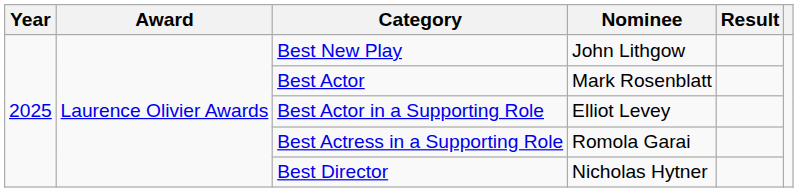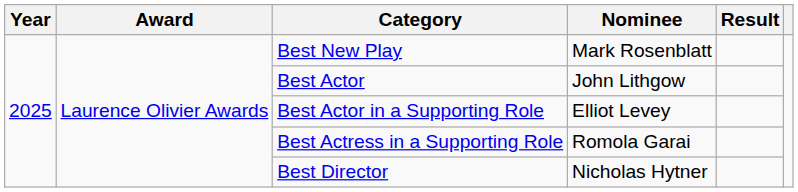 <table class="wikitable">
 <tr>
 <th>Year</th>
 <th>Award</th>
 <th>Category</th>
 <th>Nominee</th>
 <th>Result</th>
 <th></th>
 </tr>
 <tr>
 <td rowspan="5"><a href='#'>2025</a></td>
 <td rowspan="5"><a href='#'>Laurence Olivier Awards</a></td>
 <td><a href='#'>Best New Play</a></td>
-<td>John Lithgow</td>
+<td>Mark Rosenblatt</td>
 <td></td>
 <td rowspan="5"></td>
 </tr>
 <tr>
 <td><a href='#'>Best Actor</a></td>
-<td>Mark Rosenblatt</td>
+<td>John Lithgow</td>
 <td></td>
 </tr>
 <tr>
 <td><a href='#'>Best Actor in a Supporting Role</a></td>
 <td>Elliot Levey</td>
 <td></td>
 </tr>
 <tr>
 <td><a href='#'>Best Actress in a Supporting Role</a></td>
 <td>Romola Garai</td>
 <td></td>
 </tr>
 <tr>
 <td><a href='#'>Best Director</a></td>
 <td>Nicholas Hytner</td>
 <td></td>
 </tr>
 </table>
